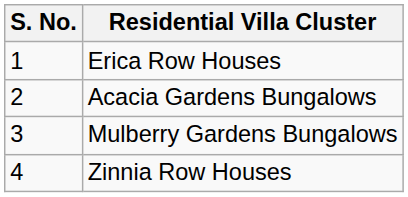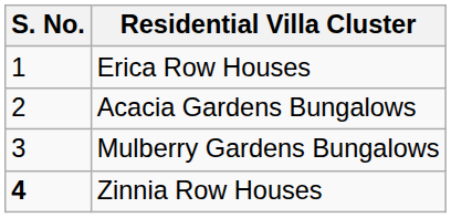 <table class="wikitable">
 <tr>
 <th>S. No.</th>
 <th>Residential Villa Cluster</th>
 </tr>
 <tr>
 <td>1</td>
 <td>Erica Row Houses</td>
 </tr>
 <tr>
 <td>2</td>
 <td>Acacia Gardens Bungalows</td>
 </tr>
 <tr>
 <td>3</td>
 <td>Mulberry Gardens Bungalows</td>
 </tr>
 <tr>
-<td>4</td>
+<td><strong>4</strong></td>
 <td>Zinnia Row Houses</td>
 </tr>
 </table>
